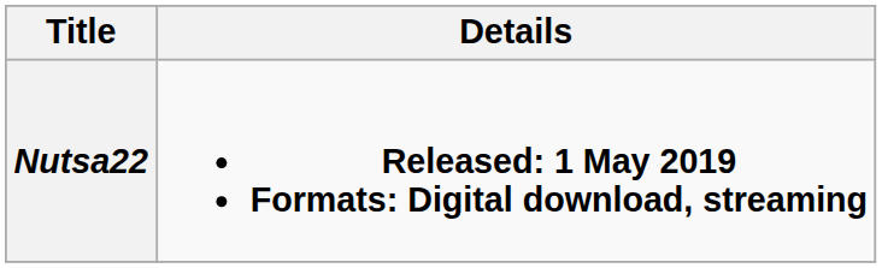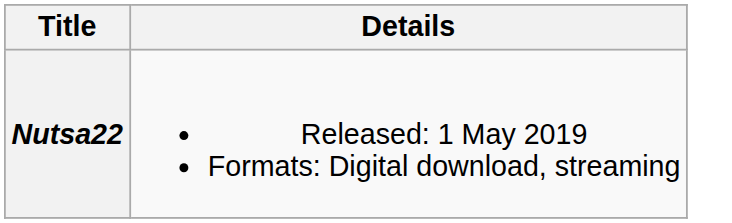 <table class="wikitable plainrowheaders" style="text-align:center;" border="1">
 <tr>
 <th scope="col">Title</th>
 <th scope="col">Details</th>
 </tr>
 <tr>
 <th scope="row"><em>Nutsa22</em></th>
-<td><strong><br><ul><li>Released: 1 May 2019</li><li>Formats: Digital download, streaming</li></ul></strong></td>
+<td><br><ul><li>Released: 1 May 2019</li><li>Formats: Digital download, streaming</li></ul></td>
 </tr>
 </table>
